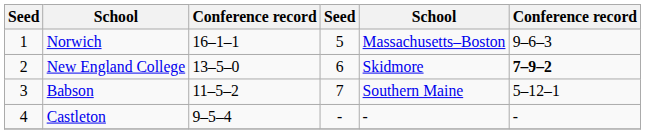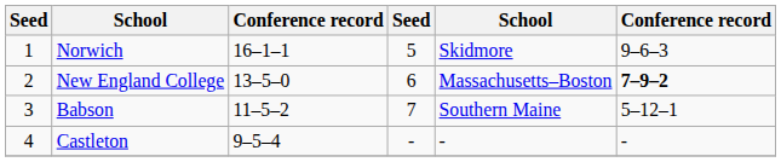 <table class="wikitable">
 <tr>
 <th>Seed</th>
 <th>School</th>
 <th>Conference record</th>
 <th>Seed</th>
 <th>School</th>
 <th>Conference record</th>
 </tr>
 <tr>
 <td align=center>1</td>
 <td><a href='#'>Norwich</a></td>
 <td>16–1–1</td>
 <td align=center>5</td>
-<td><a href='#'>Massachusetts–Boston</a></td>
+<td><a href='#'>Skidmore</a></td>
 <td>9–6–3</td>
 </tr>
 <tr>
 <td align=center>2</td>
 <td><a href='#'>New England College</a></td>
 <td>13–5–0</td>
 <td align=center>6</td>
-<td><a href='#'>Skidmore</a></td>
+<td><a href='#'>Massachusetts–Boston</a></td>
 <td><strong>7–9–2</strong></td>
 </tr>
 <tr>
 <td align=center>3</td>
 <td><a href='#'>Babson</a></td>
 <td>11–5–2</td>
 <td align=center>7</td>
 <td><a href='#'>Southern Maine</a></td>
 <td>5–12–1</td>
 </tr>
 <tr>
 <td align=center>4</td>
 <td><a href='#'>Castleton</a></td>
 <td>9–5–4</td>
 <td align=center>-</td>
 <td>-</td>
 <td>-</td>
 </tr>
 <tr>
 </tr>
 </table>
